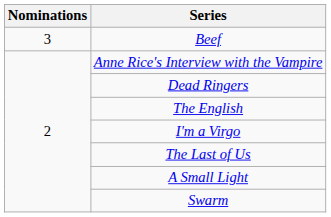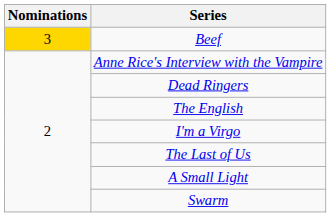 <table class="wikitable" rowspan=2 border=2 style="text-align:center;">
 <tr>
 <th scope="col">Nominations</th>
 <th scope="col">Series</th>
 </tr>
 <tr>
-<td>3</td>
+<td style="background: gold;">3</td>
 <td><em><a href='#'>Beef</a></em></td>
 </tr>
 <tr>
 <td rowspan="7">2</td>
 <td><em><a href='#'>Anne Rice's Interview with the Vampire</a></em></td>
 </tr>
 <tr>
 <td><em><a href='#'>Dead Ringers</a></em></td>
 </tr>
 <tr>
 <td><em><a href='#'>The English</a></em></td>
 </tr>
 <tr>
 <td><em><a href='#'>I'm a Virgo</a></em></td>
 </tr>
 <tr>
 <td><em><a href='#'>The Last of Us</a></em></td>
 </tr>
 <tr>
 <td><em><a href='#'>A Small Light</a></em></td>
 </tr>
 <tr>
 <td><em><a href='#'>Swarm</a></em></td>
 </tr>
 </table>
